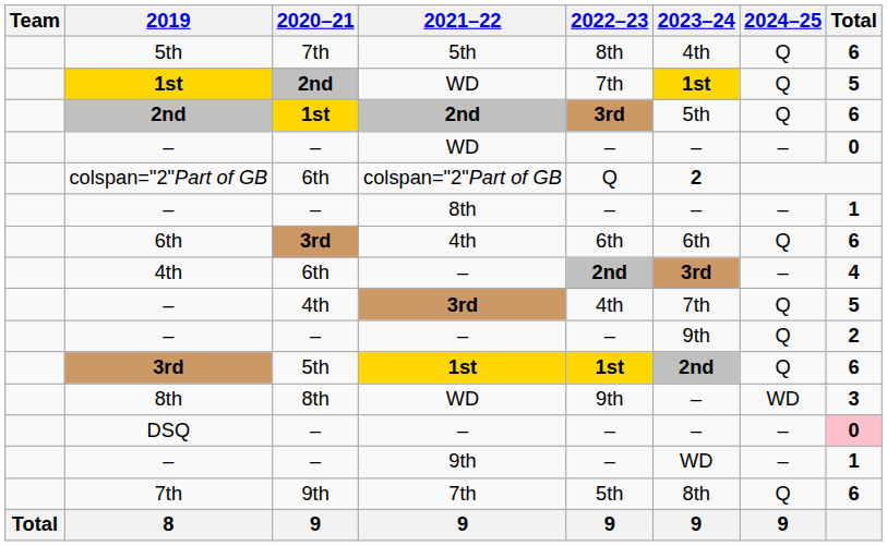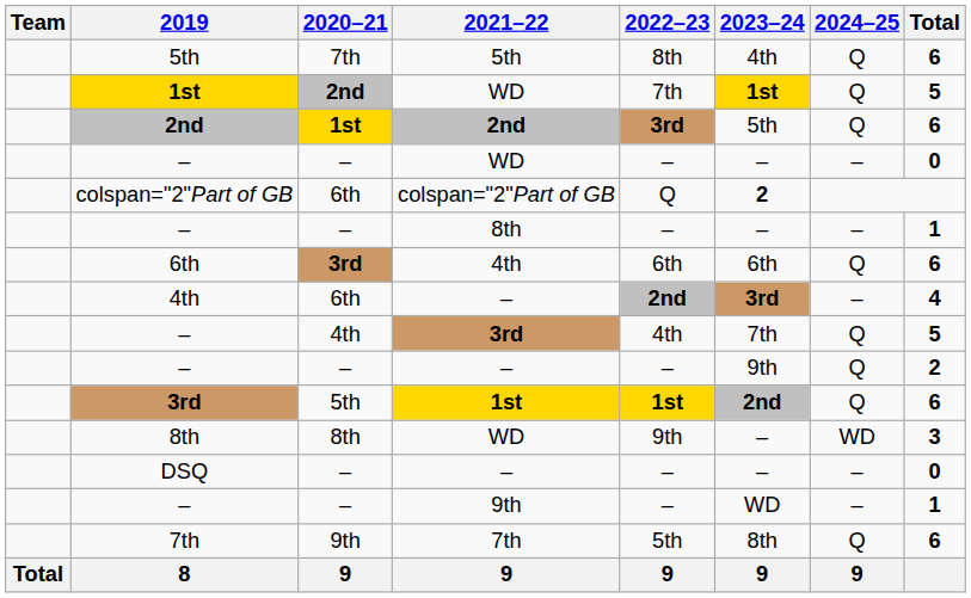 <table class=wikitable style="text-align:center">
 <tr>
 <th>Team</th>
 <th><a href='#'>2019</a></th>
 <th><a href='#'>2020–21</a></th>
 <th><a href='#'>2021–22</a></th>
 <th><a href='#'>2022–23</a></th>
 <th><a href='#'>2023–24</a></th>
 <th><a href='#'>2024–25</a></th>
 <th>Total</th>
 </tr>
 <tr>
 <td align=left></td>
 <td>5th</td>
 <td>7th</td>
 <td>5th</td>
 <td>8th</td>
 <td>4th</td>
 <td>Q</td>
 <td><strong>6</strong></td>
 </tr>
 <tr>
 <td align=left></td>
 <td bgcolor=gold><strong>1st</strong></td>
 <td bgcolor=silver><strong>2nd</strong></td>
 <td>WD</td>
 <td>7th</td>
 <td bgcolor=gold><strong>1st</strong></td>
 <td>Q</td>
 <td><strong>5</strong></td>
 </tr>
 <tr>
 <td align=left></td>
 <td bgcolor=silver><strong>2nd</strong></td>
 <td bgcolor=gold><strong>1st</strong></td>
 <td bgcolor=silver><strong>2nd</strong></td>
 <td bgcolor=cc9966><strong>3rd</strong></td>
 <td>5th</td>
 <td>Q</td>
 <td><strong>6</strong></td>
 </tr>
 <tr>
 <td align=left></td>
 <td>–</td>
 <td>–</td>
 <td>WD</td>
 <td>–</td>
 <td>–</td>
 <td>–</td>
 <td><strong>0</strong></td>
 </tr>
 <tr>
 <td align=left></td>
 <td>colspan="2"<em>Part of GB</em></td>
 <td>6th</td>
 <td>colspan="2"<em>Part of GB</em></td>
 <td>Q</td>
 <td><strong>2</strong></td>
 </tr>
 <tr>
 <td align=left></td>
 <td>–</td>
 <td>–</td>
 <td>8th</td>
 <td>–</td>
 <td>–</td>
 <td>–</td>
 <td><strong>1</strong></td>
 </tr>
 <tr>
 <td align=left></td>
 <td>6th</td>
 <td bgcolor=cc9966><strong>3rd</strong></td>
 <td>4th</td>
 <td>6th</td>
 <td>6th</td>
 <td>Q</td>
 <td><strong>6</strong></td>
 </tr>
 <tr>
 <td align=left></td>
 <td>4th</td>
 <td>6th</td>
 <td>–</td>
 <td bgcolor=silver><strong>2nd</strong></td>
 <td bgcolor=cc9966><strong>3rd</strong></td>
 <td>–</td>
 <td><strong>4</strong></td>
 </tr>
 <tr>
 <td align=left></td>
 <td>–</td>
 <td>4th</td>
 <td bgcolor=cc9966><strong>3rd</strong></td>
 <td>4th</td>
 <td>7th</td>
 <td>Q</td>
 <td><strong>5</strong></td>
 </tr>
 <tr>
 <td align=left></td>
 <td>–</td>
 <td>–</td>
 <td>–</td>
 <td>–</td>
 <td>9th </td>
 <td>Q</td>
 <td><strong>2</strong></td>
 </tr>
 <tr>
 <td align=left></td>
 <td bgcolor=cc9966><strong>3rd</strong></td>
 <td>5th</td>
 <td bgcolor=gold><strong>1st</strong></td>
 <td bgcolor=gold><strong>1st</strong></td>
 <td bgcolor=silver><strong>2nd</strong></td>
 <td>Q</td>
 <td><strong>6</strong></td>
 </tr>
 <tr>
 <td align=left></td>
 <td>8th</td>
 <td>8th</td>
 <td>WD</td>
 <td>9th </td>
 <td>–</td>
 <td>WD</td>
 <td><strong>3</strong></td>
 </tr>
 <tr>
 <td align=left></td>
 <td>DSQ</td>
 <td>–</td>
 <td>–</td>
 <td>–</td>
 <td>–</td>
 <td>–</td>
-<td style="background: pink;"><strong>0</strong></td>
+<td><strong>0</strong></td>
 </tr>
 <tr>
 <td align=left></td>
 <td>–</td>
 <td>–</td>
 <td>9th</td>
 <td>–</td>
 <td>WD</td>
 <td>–</td>
 <td><strong>1</strong></td>
 </tr>
 <tr>
 <td align=left></td>
 <td>7th</td>
 <td>9th</td>
 <td>7th</td>
 <td>5th</td>
 <td>8th</td>
 <td>Q</td>
 <td><strong>6</strong></td>
 </tr>
 <tr>
 <th>Total</th>
 <th>8</th>
 <th>9</th>
 <th>9</th>
 <th>9</th>
 <th>9</th>
 <th>9</th>
 <th></th>
 </tr>
 </table>
